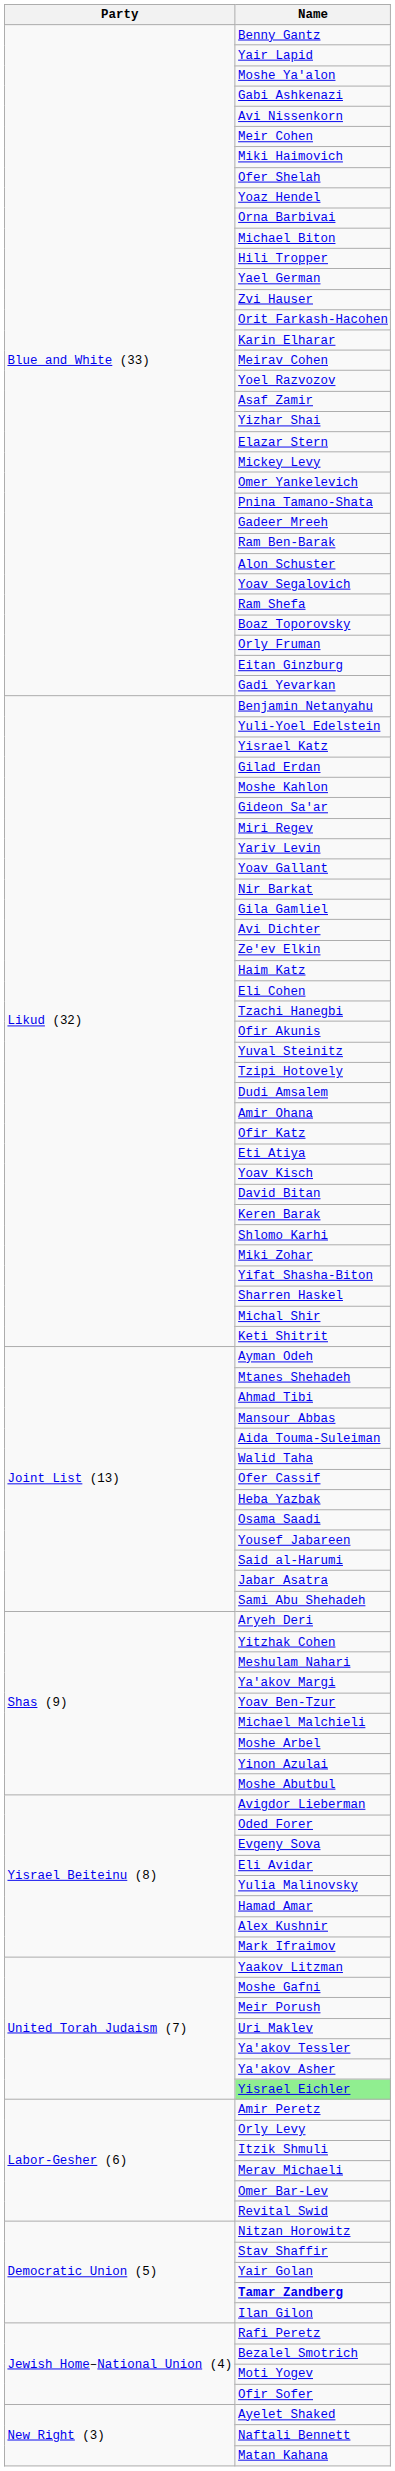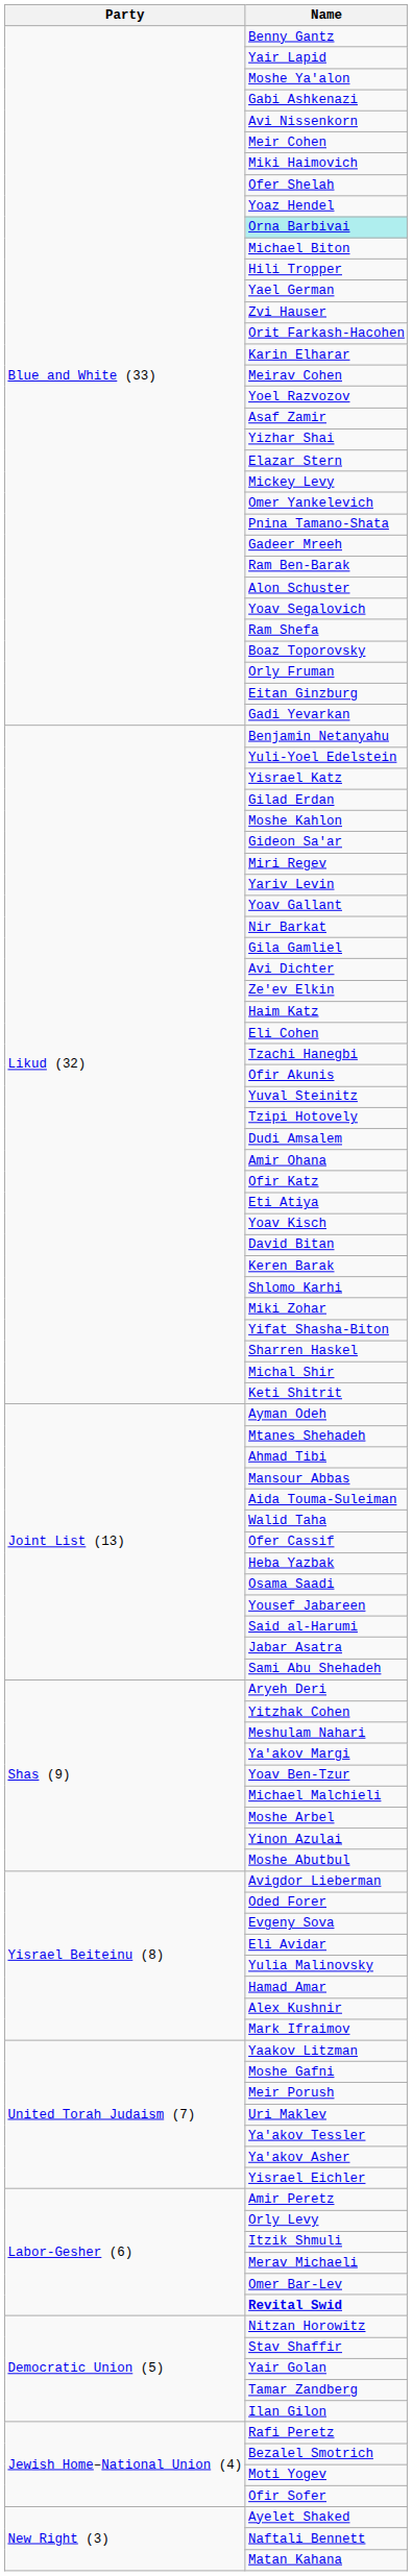 <table class=wikitable>
 <tr>
 <th>Party</th>
 <th>Name</th>
 </tr>
 <tr>
 <td rowspan= 33><a href='#'>Blue and White</a> (33)</td>
 <td><a href='#'>Benny Gantz</a></td>
 </tr>
 <tr>
 <td><a href='#'>Yair Lapid</a></td>
 </tr>
 <tr>
 <td><a href='#'>Moshe Ya'alon</a></td>
 </tr>
 <tr>
 <td><a href='#'>Gabi Ashkenazi</a></td>
 </tr>
 <tr>
 <td><a href='#'>Avi Nissenkorn</a></td>
 </tr>
 <tr>
 <td><a href='#'>Meir Cohen</a></td>
 </tr>
 <tr>
 <td><a href='#'>Miki Haimovich</a></td>
 </tr>
 <tr>
 <td><a href='#'>Ofer Shelah</a></td>
 </tr>
 <tr>
 <td><a href='#'>Yoaz Hendel</a></td>
 </tr>
 <tr>
-<td><a href='#'>Orna Barbivai</a></td>
+<td style="background: paleturquoise;"><a href='#'>Orna Barbivai</a></td>
 </tr>
 <tr>
 <td><a href='#'>Michael Biton</a></td>
 </tr>
 <tr>
 <td><a href='#'>Hili Tropper</a></td>
 </tr>
 <tr>
 <td><a href='#'>Yael German</a></td>
 </tr>
 <tr>
 <td><a href='#'>Zvi Hauser</a></td>
 </tr>
 <tr>
 <td><a href='#'>Orit Farkash-Hacohen</a></td>
 </tr>
 <tr>
 <td><a href='#'>Karin Elharar</a></td>
 </tr>
 <tr>
 <td><a href='#'>Meirav Cohen</a></td>
 </tr>
 <tr>
 <td><a href='#'>Yoel Razvozov</a></td>
 </tr>
 <tr>
 <td><a href='#'>Asaf Zamir</a></td>
 </tr>
 <tr>
 <td><a href='#'>Yizhar Shai</a></td>
 </tr>
 <tr>
 <td><a href='#'>Elazar Stern</a></td>
 </tr>
 <tr>
 <td><a href='#'>Mickey Levy</a></td>
 </tr>
 <tr>
 <td><a href='#'>Omer Yankelevich</a></td>
 </tr>
 <tr>
 <td><a href='#'>Pnina Tamano-Shata</a></td>
 </tr>
 <tr>
 <td><a href='#'>Gadeer Mreeh</a></td>
 </tr>
 <tr>
 <td><a href='#'>Ram Ben-Barak</a></td>
 </tr>
 <tr>
 <td><a href='#'>Alon Schuster</a></td>
 </tr>
 <tr>
 <td><a href='#'>Yoav Segalovich</a></td>
 </tr>
 <tr>
 <td><a href='#'>Ram Shefa</a></td>
 </tr>
 <tr>
 <td><a href='#'>Boaz Toporovsky</a></td>
 </tr>
 <tr>
 <td><a href='#'>Orly Fruman</a></td>
 </tr>
 <tr>
 <td><a href='#'>Eitan Ginzburg</a></td>
 </tr>
 <tr>
 <td><a href='#'>Gadi Yevarkan</a></td>
 </tr>
 <tr>
 <td rowspan=32><a href='#'>Likud</a> (32)</td>
 <td><a href='#'>Benjamin Netanyahu</a></td>
 </tr>
 <tr>
 <td><a href='#'>Yuli-Yoel Edelstein</a></td>
 </tr>
 <tr>
 <td><a href='#'>Yisrael Katz</a></td>
 </tr>
 <tr>
 <td><a href='#'>Gilad Erdan</a></td>
 </tr>
 <tr>
 <td><a href='#'>Moshe Kahlon</a></td>
 </tr>
 <tr>
 <td><a href='#'>Gideon Sa'ar</a></td>
 </tr>
 <tr>
 <td><a href='#'>Miri Regev</a></td>
 </tr>
 <tr>
 <td><a href='#'>Yariv Levin</a></td>
 </tr>
 <tr>
 <td><a href='#'>Yoav Gallant</a></td>
 </tr>
 <tr>
 <td><a href='#'>Nir Barkat</a></td>
 </tr>
 <tr>
 <td><a href='#'>Gila Gamliel</a></td>
 </tr>
 <tr>
 <td><a href='#'>Avi Dichter</a></td>
 </tr>
 <tr>
 <td><a href='#'>Ze'ev Elkin</a></td>
 </tr>
 <tr>
 <td><a href='#'>Haim Katz</a></td>
 </tr>
 <tr>
 <td><a href='#'>Eli Cohen</a></td>
 </tr>
 <tr>
 <td><a href='#'>Tzachi Hanegbi</a></td>
 </tr>
 <tr>
 <td><a href='#'>Ofir Akunis</a></td>
 </tr>
 <tr>
 <td><a href='#'>Yuval Steinitz</a></td>
 </tr>
 <tr>
 <td><a href='#'>Tzipi Hotovely</a></td>
 </tr>
 <tr>
 <td><a href='#'>Dudi Amsalem</a></td>
 </tr>
 <tr>
 <td><a href='#'>Amir Ohana</a></td>
 </tr>
 <tr>
 <td><a href='#'>Ofir Katz</a></td>
 </tr>
 <tr>
 <td><a href='#'>Eti Atiya</a></td>
 </tr>
 <tr>
 <td><a href='#'>Yoav Kisch</a></td>
 </tr>
 <tr>
 <td><a href='#'>David Bitan</a></td>
 </tr>
 <tr>
 <td><a href='#'>Keren Barak</a></td>
 </tr>
 <tr>
 <td><a href='#'>Shlomo Karhi</a></td>
 </tr>
 <tr>
 <td><a href='#'>Miki Zohar</a></td>
 </tr>
 <tr>
 <td><a href='#'>Yifat Shasha-Biton</a></td>
 </tr>
 <tr>
 <td><a href='#'>Sharren Haskel</a></td>
 </tr>
 <tr>
 <td><a href='#'>Michal Shir</a></td>
 </tr>
 <tr>
 <td><a href='#'>Keti Shitrit</a></td>
 </tr>
 <tr>
 <td rowspan= 13><a href='#'>Joint List</a> (13)</td>
 <td><a href='#'>Ayman Odeh</a></td>
 </tr>
 <tr>
 <td><a href='#'>Mtanes Shehadeh</a></td>
 </tr>
 <tr>
 <td><a href='#'>Ahmad Tibi</a></td>
 </tr>
 <tr>
 <td><a href='#'>Mansour Abbas</a></td>
 </tr>
 <tr>
 <td><a href='#'>Aida Touma-Suleiman</a></td>
 </tr>
 <tr>
 <td><a href='#'>Walid Taha</a></td>
 </tr>
 <tr>
 <td><a href='#'>Ofer Cassif</a></td>
 </tr>
 <tr>
 <td><a href='#'>Heba Yazbak</a></td>
 </tr>
 <tr>
 <td><a href='#'>Osama Saadi</a></td>
 </tr>
 <tr>
 <td><a href='#'>Yousef Jabareen</a></td>
 </tr>
 <tr>
 <td><a href='#'>Said al-Harumi</a></td>
 </tr>
 <tr>
 <td><a href='#'>Jabar Asatra</a></td>
 </tr>
 <tr>
 <td><a href='#'>Sami Abu Shehadeh</a></td>
 </tr>
 <tr>
 <td rowspan=9><a href='#'>Shas</a> (9)</td>
 <td><a href='#'>Aryeh Deri</a></td>
 </tr>
 <tr>
 <td><a href='#'>Yitzhak Cohen</a></td>
 </tr>
 <tr>
 <td><a href='#'>Meshulam Nahari</a></td>
 </tr>
 <tr>
 <td><a href='#'>Ya'akov Margi</a></td>
 </tr>
 <tr>
 <td><a href='#'>Yoav Ben-Tzur</a></td>
 </tr>
 <tr>
 <td><a href='#'>Michael Malchieli</a></td>
 </tr>
 <tr>
 <td><a href='#'>Moshe Arbel</a></td>
 </tr>
 <tr>
 <td><a href='#'>Yinon Azulai</a></td>
 </tr>
 <tr>
 <td><a href='#'>Moshe Abutbul</a></td>
 </tr>
 <tr>
 <td rowspan=8><a href='#'>Yisrael Beiteinu</a> (8)</td>
 <td><a href='#'>Avigdor Lieberman</a></td>
 </tr>
 <tr>
 <td><a href='#'>Oded Forer</a></td>
 </tr>
 <tr>
 <td><a href='#'>Evgeny Sova</a></td>
 </tr>
 <tr>
 <td><a href='#'>Eli Avidar</a></td>
 </tr>
 <tr>
 <td><a href='#'>Yulia Malinovsky</a></td>
 </tr>
 <tr>
 <td><a href='#'>Hamad Amar</a></td>
 </tr>
 <tr>
 <td><a href='#'>Alex Kushnir</a></td>
 </tr>
 <tr>
 <td><a href='#'>Mark Ifraimov</a></td>
 </tr>
 <tr>
 <td rowspan=7><a href='#'>United Torah Judaism</a> (7)</td>
 <td><a href='#'>Yaakov Litzman</a></td>
 </tr>
 <tr>
 <td><a href='#'>Moshe Gafni</a></td>
 </tr>
 <tr>
 <td><a href='#'>Meir Porush</a></td>
 </tr>
 <tr>
 <td><a href='#'>Uri Maklev</a></td>
 </tr>
 <tr>
 <td><a href='#'>Ya'akov Tessler</a></td>
 </tr>
 <tr>
 <td><a href='#'>Ya'akov Asher</a></td>
 </tr>
 <tr>
-<td style="background: lightgreen;"><a href='#'>Yisrael Eichler</a></td>
+<td><a href='#'>Yisrael Eichler</a></td>
 </tr>
 <tr>
 <td rowspan=6><a href='#'>Labor-Gesher</a> (6)</td>
 <td><a href='#'>Amir Peretz</a></td>
 </tr>
 <tr>
 <td><a href='#'>Orly Levy</a></td>
 </tr>
 <tr>
 <td><a href='#'>Itzik Shmuli</a></td>
 </tr>
 <tr>
 <td><a href='#'>Merav Michaeli</a></td>
 </tr>
 <tr>
 <td><a href='#'>Omer Bar-Lev</a></td>
 </tr>
 <tr>
-<td><a href='#'>Revital Swid</a></td>
+<td><strong><a href='#'>Revital Swid</a></strong></td>
 </tr>
 <tr>
 <td rowspan=5><a href='#'>Democratic Union</a> (5)</td>
 <td><a href='#'>Nitzan Horowitz</a></td>
 </tr>
 <tr>
 <td><a href='#'>Stav Shaffir</a></td>
 </tr>
 <tr>
 <td><a href='#'>Yair Golan</a></td>
 </tr>
 <tr>
-<td><strong><a href='#'>Tamar Zandberg</a></strong></td>
+<td><a href='#'>Tamar Zandberg</a></td>
 </tr>
 <tr>
 <td><a href='#'>Ilan Gilon</a></td>
 </tr>
 <tr>
 <td rowspan=4><a href='#'>Jewish Home</a>–<a href='#'>National Union</a> (4)</td>
 <td><a href='#'>Rafi Peretz</a></td>
 </tr>
 <tr>
 <td><a href='#'>Bezalel Smotrich</a></td>
 </tr>
 <tr>
 <td><a href='#'>Moti Yogev</a></td>
 </tr>
 <tr>
 <td><a href='#'>Ofir Sofer</a></td>
 </tr>
 <tr>
 <td rowspan=3><a href='#'>New Right</a> (3)</td>
 <td><a href='#'>Ayelet Shaked</a></td>
 </tr>
 <tr>
 <td><a href='#'>Naftali Bennett</a></td>
 </tr>
 <tr>
 <td><a href='#'>Matan Kahana</a></td>
 </tr>
 </table>
